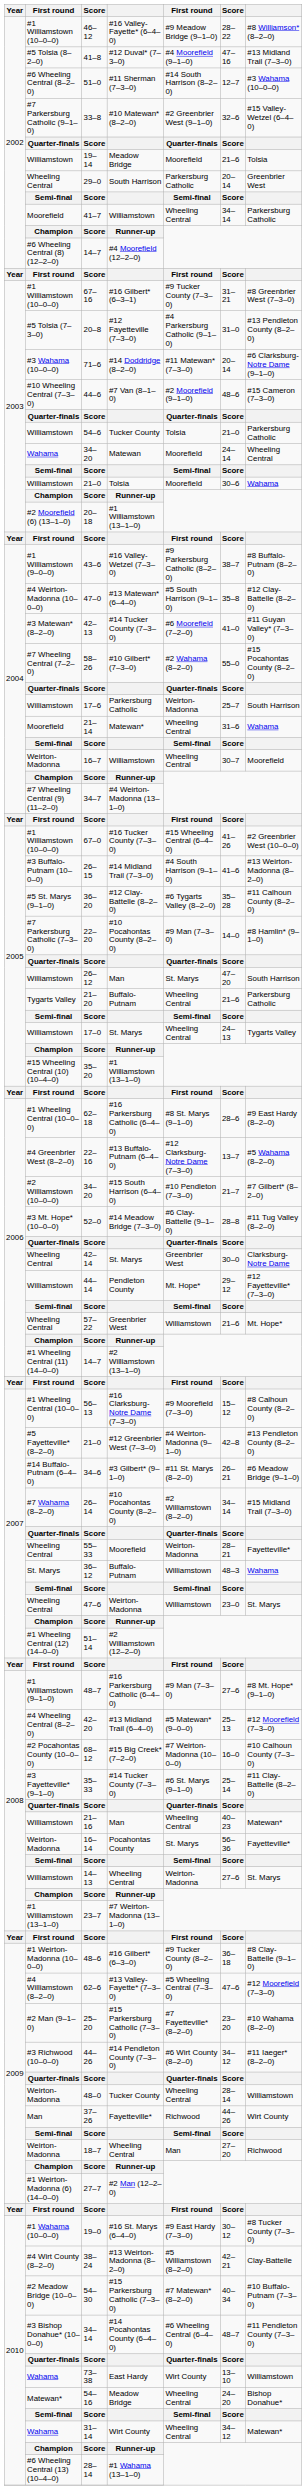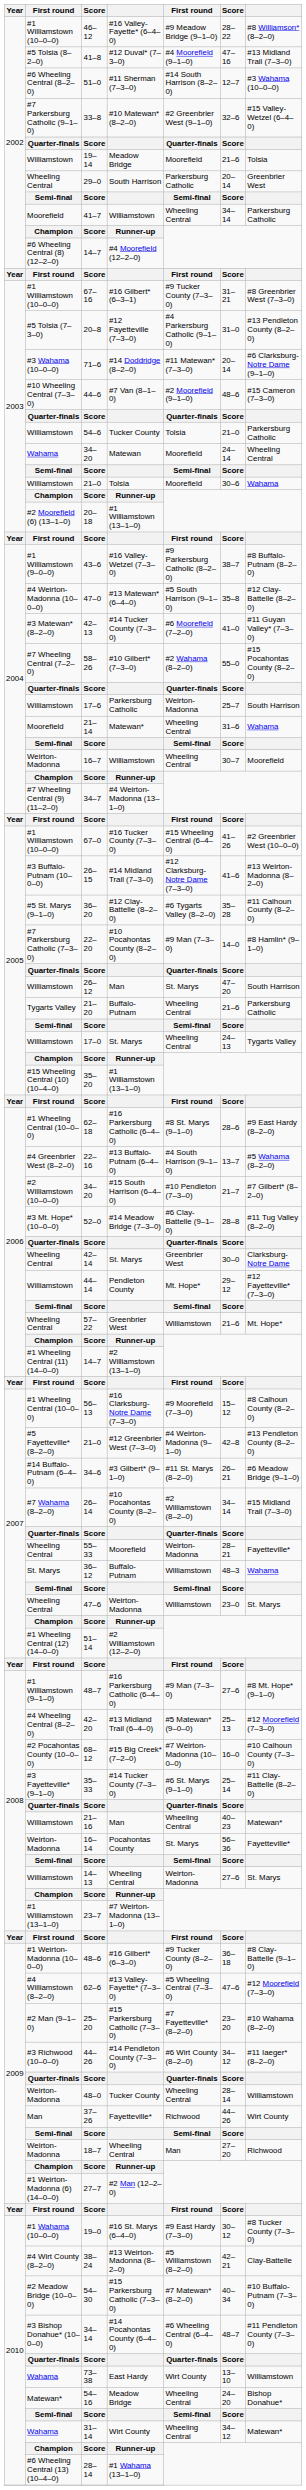 <table class="wikitable">
 <tr>
 <th>Year</th>
 <th>First round</th>
 <th>Score</th>
 <th></th>
 <th>First round</th>
 <th>Score</th>
 <th></th>
 </tr>
 <tr>
 <td rowspan="11" style="text-align: center;">2002</td>
 <td>#1 Williamstown (10–0–0)</td>
 <td>46–12</td>
 <td>#16 Valley-Fayette* (6–4–0)</td>
 <td>#9 Meadow Bridge (9–1–0)</td>
 <td>28–22</td>
 <td>#8 <a href='#'>Williamson*</a> (8–2–0)</td>
 </tr>
 <tr>
 <td>#5 Tolsia (8–2–0)</td>
 <td>41–8</td>
 <td>#12 Duval* (7–3–0)</td>
 <td>#4 <a href='#'>Moorefield</a> (9–1–0)</td>
 <td>47–16</td>
 <td>#13 Midland Trail (7–3–0)</td>
 </tr>
 <tr>
 <td>#6 Wheeling Central (8–2–0)</td>
 <td>51–0</td>
 <td>#11 Sherman (7–3–0)</td>
 <td>#14 South Harrison (8–2–0)</td>
 <td>12–7</td>
 <td>#3 <a href='#'>Wahama</a> (10–0–0)</td>
 </tr>
 <tr>
 <td>#7 Parkersburg Catholic (9–1–0)</td>
 <td>33–8</td>
 <td>#10 Matewan* (8–2–0)</td>
 <td>#2 Greenbrier West (9–1–0)</td>
 <td>32–6</td>
 <td>#15 Valley-Wetzel (6–4–0)</td>
 </tr>
 <tr>
 <th>Quarter-finals</th>
 <th>Score</th>
 <th></th>
 <th>Quarter-finals</th>
 <th>Score</th>
 <th></th>
 </tr>
 <tr>
 <td>Williamstown</td>
 <td>19–14</td>
 <td>Meadow Bridge</td>
 <td>Moorefield</td>
 <td>21–6</td>
 <td>Tolsia</td>
 </tr>
 <tr>
 <td>Wheeling Central</td>
 <td>29–0</td>
 <td>South Harrison</td>
 <td>Parkersburg Catholic</td>
 <td>20–14</td>
 <td>Greenbrier West</td>
 </tr>
 <tr>
 <th>Semi-final</th>
 <th>Score</th>
 <th></th>
 <th>Semi-final</th>
 <th>Score</th>
 <th></th>
 </tr>
 <tr>
 <td>Moorefield</td>
 <td>41–7</td>
 <td>Williamstown</td>
 <td>Wheeling Central</td>
 <td>34–14</td>
 <td>Parkersburg Catholic</td>
 </tr>
 <tr>
 <th>Champion</th>
 <th>Score</th>
 <th>Runner-up</th>
 </tr>
 <tr>
 <td>#6 Wheeling Central (8) (12–2–0)     </td>
 <td>14–7 </td>
 <td>#4 <a href='#'>Moorefield</a> (12–2–0)</td>
 </tr>
 <tr>
 <th>Year</th>
 <th>First round</th>
 <th>Score</th>
 <th></th>
 <th>First round</th>
 <th>Score</th>
 <th></th>
 </tr>
 <tr>
 <td rowspan="11" style="text-align: center;">2003</td>
 <td>#1 Williamstown (10–0–0)</td>
 <td>67–16</td>
 <td>#16 Gilbert* (6–3–1)</td>
 <td>#9 Tucker County (7–3–0)</td>
 <td>31–21</td>
 <td>#8 Greenbrier West (7–3–0)</td>
 </tr>
 <tr>
 <td>#5 Tolsia (7–3–0)</td>
 <td>20–8</td>
 <td>#12 Fayetteville (7–3–0)</td>
 <td>#4 Parkersburg Catholic (9–1–0)</td>
 <td>31–0</td>
 <td>#13 Pendleton County (8–2–0)</td>
 </tr>
 <tr>
 <td>#3 <a href='#'>Wahama</a> (10–0–0)</td>
 <td>71–6</td>
 <td>#14 <a href='#'>Doddridge</a> (8–2–0)</td>
 <td>#11 Matewan* (7–3–0)</td>
 <td>20–14</td>
 <td>#6 Clarksburg-<a href='#'>Notre Dame</a> (9–1–0)</td>
 </tr>
 <tr>
 <td>#10 Wheeling Central (7–3–0)</td>
 <td>44–6</td>
 <td>#7 Van (8–1–0)</td>
 <td>#2 <a href='#'>Moorefield</a> (9–1–0)</td>
 <td>48–6</td>
 <td>#15 Cameron (7–3–0)</td>
 </tr>
 <tr>
 <th>Quarter-finals</th>
 <th>Score</th>
 <th></th>
 <th>Quarter-finals</th>
 <th>Score</th>
 <th></th>
 </tr>
 <tr>
 <td>Williamstown</td>
 <td>54–6</td>
 <td>Tucker County</td>
 <td>Tolsia</td>
 <td>21–0</td>
 <td>Parkersburg Catholic</td>
 </tr>
 <tr>
 <td><a href='#'>Wahama</a></td>
 <td>34–20</td>
 <td>Matewan</td>
 <td>Moorefield</td>
 <td>24–14</td>
 <td>Wheeling Central</td>
 </tr>
 <tr>
 <th>Semi-final</th>
 <th>Score</th>
 <th></th>
 <th>Semi-final</th>
 <th>Score</th>
 <th></th>
 </tr>
 <tr>
 <td>Williamstown</td>
 <td>21–0</td>
 <td>Tolsia</td>
 <td>Moorefield</td>
 <td>30–6</td>
 <td><a href='#'>Wahama</a></td>
 </tr>
 <tr>
 <th>Champion</th>
 <th>Score</th>
 <th>Runner-up</th>
 </tr>
 <tr>
 <td>#2 <a href='#'>Moorefield</a> (6) (13–1–0)</td>
 <td>20–18</td>
 <td>#1 Williamstown (13–1–0)</td>
 </tr>
 <tr>
 <th>Year</th>
 <th>First round</th>
 <th>Score</th>
 <th></th>
 <th>First round</th>
 <th>Score</th>
 <th></th>
 </tr>
 <tr>
 <td rowspan="11" style="text-align: center;">2004</td>
 <td>#1 Williamstown (9–0–0)</td>
 <td>43–6</td>
 <td>#16 Valley-Wetzel (7–3–0)</td>
 <td>#9 Parkersburg Catholic (8–2–0)</td>
 <td>38–7</td>
 <td>#8 Buffalo-Putnam (8–2–0)</td>
 </tr>
 <tr>
 <td>#4 Weirton-Madonna (10–0–0)</td>
 <td>47–0</td>
 <td>#13 Matewan* (6–4–0)</td>
 <td>#5 South Harrison (9–1–0)</td>
 <td>35–8</td>
 <td>#12 Clay-Battelle (8–2–0)</td>
 </tr>
 <tr>
 <td>#3 Matewan* (8–2–0)</td>
 <td>42–13</td>
 <td>#14 Tucker County (7–3–0)</td>
 <td>#6 <a href='#'>Moorefield</a> (7–2–0)</td>
 <td>41–0</td>
 <td>#11 Guyan Valley* (7–3–0)</td>
 </tr>
 <tr>
 <td>#7 Wheeling Central (7–2–0)</td>
 <td>58–26</td>
 <td>#10 Gilbert* (7–3–0)</td>
 <td>#2 <a href='#'>Wahama</a> (8–2–0)</td>
 <td>55–0</td>
 <td>#15 Pocahontas County (8–2–0)</td>
 </tr>
 <tr>
 <th>Quarter-finals</th>
 <th>Score</th>
 <th></th>
 <th>Quarter-finals</th>
 <th>Score</th>
 <th></th>
 </tr>
 <tr>
 <td>Williamstown</td>
 <td>17–6</td>
 <td>Parkersburg Catholic</td>
 <td>Weirton-Madonna</td>
 <td>25–7</td>
 <td>South Harrison</td>
 </tr>
 <tr>
 <td>Moorefield</td>
 <td>21–14</td>
 <td>Matewan*</td>
 <td>Wheeling Central</td>
 <td>31–6</td>
 <td><a href='#'>Wahama</a></td>
 </tr>
 <tr>
 <th>Semi-final</th>
 <th>Score</th>
 <th></th>
 <th>Semi-final</th>
 <th>Score</th>
 <th></th>
 </tr>
 <tr>
 <td>Weirton-Madonna</td>
 <td>16–7</td>
 <td>Williamstown</td>
 <td>Wheeling Central</td>
 <td>30–7</td>
 <td>Moorefield</td>
 </tr>
 <tr>
 <th>Champion</th>
 <th>Score</th>
 <th>Runner-up</th>
 </tr>
 <tr>
 <td>#7 Wheeling Central (9) (11–2–0)</td>
 <td>34–7</td>
 <td>#4 Weirton-Madonna (13–1–0)</td>
 </tr>
 <tr>
 <th>Year</th>
 <th>First round</th>
 <th>Score</th>
 <th></th>
 <th>First round</th>
 <th>Score</th>
 <th></th>
 </tr>
 <tr>
 <td rowspan="11" style="text-align: center;">2005</td>
 <td>#1 Williamstown (10–0–0)</td>
 <td>67–0</td>
 <td>#16 Tucker County (7–3–0)</td>
 <td>#15 Wheeling Central (6–4–0)</td>
 <td>41–26</td>
 <td>#2 Greenbrier West (10–0–0)</td>
 </tr>
 <tr>
 <td>#3 Buffalo-Putnam (10–0–0)</td>
 <td>26–15</td>
 <td>#14 Midland Trail (7–3–0)</td>
-<td>#4 South Harrison (9–1–0)</td>
+<td>#12 Clarksburg-<a href='#'>Notre Dame</a> (7–3–0)</td>
 <td>41–6</td>
 <td>#13 Weirton-Madonna (8–2–0)</td>
 </tr>
 <tr>
 <td>#5 St. Marys (9–1–0)</td>
 <td>36–20</td>
 <td>#12 Clay-Battelle (8–2–0)</td>
 <td>#6 Tygarts Valley (8–2–0)</td>
 <td>35–28</td>
 <td>#11 Calhoun County (8–2–0)</td>
 </tr>
 <tr>
 <td>#7 Parkersburg Catholic (7–3–0)</td>
 <td>22–20</td>
 <td>#10 Pocahontas County (8–2–0)</td>
 <td>#9 Man (7–3–0)</td>
 <td>14–0</td>
 <td>#8 Hamlin* (9–1–0)</td>
 </tr>
 <tr>
 <th>Quarter-finals</th>
 <th>Score</th>
 <th></th>
 <th>Quarter-finals</th>
 <th>Score</th>
 <th></th>
 </tr>
 <tr>
 <td>Williamstown</td>
 <td>26–12</td>
 <td>Man</td>
 <td>St. Marys</td>
 <td>47–20</td>
 <td>South Harrison</td>
 </tr>
 <tr>
 <td>Tygarts Valley</td>
 <td>21–20</td>
 <td>Buffalo-Putnam</td>
 <td>Wheeling Central</td>
 <td>21–6</td>
 <td>Parkersburg Catholic</td>
 </tr>
 <tr>
 <th>Semi-final</th>
 <th>Score</th>
 <th></th>
 <th>Semi-final</th>
 <th>Score</th>
 <th></th>
 </tr>
 <tr>
 <td>Williamstown</td>
 <td>17–0</td>
 <td>St. Marys</td>
 <td>Wheeling Central</td>
 <td>24–13</td>
 <td>Tygarts Valley</td>
 </tr>
 <tr>
 <th>Champion</th>
 <th>Score</th>
 <th>Runner-up</th>
 </tr>
 <tr>
 <td>#15 Wheeling Central (10) (10–4–0)</td>
 <td>35–20</td>
 <td>#1 Williamstown (13–1–0)</td>
 </tr>
 <tr>
 <th>Year</th>
 <th>First round</th>
 <th>Score</th>
 <th></th>
 <th>First round</th>
 <th>Score</th>
 <th></th>
 </tr>
 <tr>
 <td rowspan="11" style="text-align: center;">2006</td>
 <td>#1 Wheeling Central (10–0–0)</td>
 <td>62–18</td>
 <td>#16 Parkersburg Catholic (6–4–0)</td>
 <td>#8 St. Marys (9–1–0)</td>
 <td>28–6</td>
 <td>#9 East Hardy (8–2–0)</td>
 </tr>
 <tr>
 <td>#4 Greenbrier West (8–2–0)</td>
 <td>22–16</td>
 <td>#13 Buffalo-Putnam (6–4–0)</td>
-<td>#12 Clarksburg-<a href='#'>Notre Dame</a> (7–3–0)</td>
+<td>#4 South Harrison (9–1–0)</td>
 <td>13–7</td>
 <td>#5 <a href='#'>Wahama</a> (8–2–0)</td>
 </tr>
 <tr>
 <td>#2 Williamstown (10–0–0)</td>
 <td>34–20</td>
 <td>#15 South Harrison (6–4–0)</td>
 <td>#10 Pendleton (7–3–0)</td>
 <td>21–7</td>
 <td>#7 Gilbert* (8–2–0)</td>
 </tr>
 <tr>
 <td>#3 Mt. Hope* (10–0–0)</td>
 <td>52–0</td>
 <td>#14 Meadow Bridge (7–3–0)</td>
 <td>#6 Clay-Battelle (9–1–0)</td>
 <td>28–8</td>
 <td>#11 Tug Valley (8–2–0)</td>
 </tr>
 <tr>
 <th>Quarter-finals</th>
 <th>Score</th>
 <th></th>
 <th>Quarter-finals</th>
 <th>Score</th>
 <th></th>
 </tr>
 <tr>
 <td>Wheeling Central</td>
 <td>42–14</td>
 <td>St. Marys</td>
 <td>Greenbrier West</td>
 <td>30–0</td>
 <td>Clarksburg-<a href='#'>Notre Dame</a></td>
 </tr>
 <tr>
 <td>Williamstown</td>
 <td>44–14</td>
 <td>Pendleton County</td>
 <td>Mt. Hope*</td>
 <td>29–12</td>
 <td>#12 Fayetteville* (7–3–0)</td>
 </tr>
 <tr>
 <th>Semi-final</th>
 <th>Score</th>
 <th></th>
 <th>Semi-final</th>
 <th>Score</th>
 <th></th>
 </tr>
 <tr>
 <td>Wheeling Central</td>
 <td>57–22</td>
 <td>Greenbrier West</td>
 <td>Williamstown</td>
 <td>21–6</td>
 <td>Mt. Hope*</td>
 </tr>
 <tr>
 <th>Champion</th>
 <th>Score</th>
 <th>Runner-up</th>
 </tr>
 <tr>
 <td>#1 Wheeling Central (11) (14–0–0)</td>
 <td>14–7</td>
 <td>#2 Williamstown (13–1–0)</td>
 </tr>
 <tr>
 <th>Year</th>
 <th>First round</th>
 <th>Score</th>
 <th></th>
 <th>First round</th>
 <th>Score</th>
 <th></th>
 </tr>
 <tr>
 <td rowspan="11" style="text-align: center;">2007</td>
 <td>#1 Wheeling Central (10–0–0)</td>
 <td>56–13</td>
 <td>#16 Clarksburg-<a href='#'>Notre Dame</a> (7–3–0)</td>
 <td>#9 Moorefield (7–3–0)</td>
 <td>15–12</td>
 <td>#8 Calhoun County (8–2–0)</td>
 </tr>
 <tr>
 <td>#5 Fayetteville* (8–2–0)</td>
 <td>21–0</td>
 <td>#12 Greenbrier West (7–3–0)</td>
 <td>#4 Weirton-Madonna (9–1–0)</td>
 <td>42–8</td>
 <td>#13 Pendleton County (8–2–0)</td>
 </tr>
 <tr>
 <td>#14 Buffalo-Putnam (6–4–0)</td>
 <td>34–6</td>
 <td>#3 Gilbert* (9–1–0)</td>
 <td>#11 St. Marys (8–2–0)</td>
 <td>26–21</td>
 <td>#6 Meadow Bridge (9–1–0)</td>
 </tr>
 <tr>
 <td>#7 <a href='#'>Wahama</a> (8–2–0)</td>
 <td>26–14</td>
 <td>#10 Pocahontas County (8–2–0)</td>
 <td>#2 Williamstown (8–2–0)</td>
 <td>34–14</td>
 <td>#15 Midland Trail (7–3–0)</td>
 </tr>
 <tr>
 <th>Quarter-finals</th>
 <th>Score</th>
 <th></th>
 <th>Quarter-finals</th>
 <th>Score</th>
 <th></th>
 </tr>
 <tr>
 <td>Wheeling Central</td>
 <td>55–33</td>
 <td>Moorefield</td>
 <td>Weirton-Madonna</td>
 <td>28–21</td>
 <td>Fayetteville*</td>
 </tr>
 <tr>
 <td>St. Marys</td>
 <td>36–12</td>
 <td>Buffalo-Putnam</td>
 <td>Williamstown</td>
 <td>48–3</td>
 <td><a href='#'>Wahama</a></td>
 </tr>
 <tr>
 <th>Semi-final</th>
 <th>Score</th>
 <th></th>
 <th>Semi-final</th>
 <th>Score</th>
 <th></th>
 </tr>
 <tr>
 <td>Wheeling Central</td>
 <td>47–6</td>
 <td>Weirton-Madonna</td>
 <td>Williamstown</td>
 <td>23–0</td>
 <td>St. Marys</td>
 </tr>
 <tr>
 <th>Champion</th>
 <th>Score</th>
 <th>Runner-up</th>
 </tr>
 <tr>
 <td>#1 Wheeling Central (12) (14–0–0)</td>
 <td>51–14</td>
 <td>#2 Williamstown (12–2–0)</td>
 </tr>
 <tr>
 <th>Year</th>
 <th>First round</th>
 <th>Score</th>
 <th></th>
 <th>First round</th>
 <th>Score</th>
 <th></th>
 </tr>
 <tr>
 <td rowspan="11" style="text-align: center;">2008</td>
 <td>#1 Williamstown (9–1–0)</td>
 <td>48–7</td>
 <td>#16 Parkersburg Catholic (6–4–0)</td>
 <td>#9 Man (7–3–0)</td>
 <td>27–6</td>
 <td>#8 Mt. Hope* (9–1–0)</td>
 </tr>
 <tr>
 <td>#4 Wheeling Central (8–2–0)</td>
 <td>42–20</td>
 <td>#13 Midland Trail (6–4–0)</td>
 <td>#5 Matewan* (9–0–0)</td>
 <td>25–13</td>
 <td>#12 <a href='#'>Moorefield</a> (7–3–0)</td>
 </tr>
 <tr>
 <td>#2 Pocahontas County (10–0–0)</td>
 <td>68–12</td>
 <td>#15 Big Creek* (7–2–0)</td>
 <td>#7 Weirton-Madonna (10–0–0)</td>
 <td>16–0</td>
 <td>#10 Calhoun County (7–3–0)</td>
 </tr>
 <tr>
 <td>#3 Fayetteville* (9–1–0)</td>
 <td>35–33</td>
 <td>#14 Tucker County (7–3–0)</td>
 <td>#6 St. Marys (9–1–0)</td>
 <td>25–14</td>
 <td>#11 Clay-Battelle (8–2–0)</td>
 </tr>
 <tr>
 <th>Quarter-finals</th>
 <th>Score</th>
 <th></th>
 <th>Quarter-finals</th>
 <th>Score</th>
 <th></th>
 </tr>
 <tr>
 <td>Williamstown</td>
 <td>21–16</td>
 <td>Man</td>
 <td>Wheeling Central</td>
 <td>40–23</td>
 <td>Matewan*</td>
 </tr>
 <tr>
 <td>Weirton-Madonna</td>
 <td>16–14</td>
 <td>Pocahontas County</td>
 <td>St. Marys</td>
 <td>56–36</td>
 <td>Fayetteville*</td>
 </tr>
 <tr>
 <th>Semi-final</th>
 <th>Score</th>
 <th></th>
 <th>Semi-final</th>
 <th>Score</th>
 <th></th>
 </tr>
 <tr>
 <td>Williamstown</td>
 <td>14–13</td>
 <td>Wheeling Central</td>
 <td>Weirton-Madonna</td>
 <td>27–6</td>
 <td>St. Marys</td>
 </tr>
 <tr>
 <th>Champion</th>
 <th>Score</th>
 <th>Runner-up</th>
 </tr>
 <tr>
 <td>#1 Williamstown (13–1–0)</td>
 <td>23–7</td>
 <td>#7 Weirton-Madonna (13–1–0)</td>
 </tr>
 <tr>
 <th>Year</th>
 <th>First round</th>
 <th>Score</th>
 <th></th>
 <th>First round</th>
 <th>Score</th>
 <th></th>
 </tr>
 <tr>
 <td rowspan="11" style="text-align: center;">2009</td>
 <td>#1 Weirton-Madonna (10–0–0)</td>
 <td>48–6</td>
 <td>#16 Gilbert* (6–3–0)</td>
 <td>#9 Tucker County (8–2–0)</td>
 <td>36–18</td>
 <td>#8 Clay-Battelle (9–1–0)</td>
 </tr>
 <tr>
 <td>#4 Williamstown (8–2–0)</td>
 <td>62–6</td>
 <td>#13 Valley-Fayette* (7–3–0)</td>
 <td>#5 Wheeling Central (7–3–0)</td>
 <td>47–6</td>
 <td>#12 <a href='#'>Moorefield</a> (7–3–0)</td>
 </tr>
 <tr>
 <td>#2 Man (9–1–0)</td>
 <td>25–20</td>
 <td>#15 Parkersburg Catholic (7–3–0)</td>
 <td>#7 Fayetteville* (8–2–0)</td>
 <td>23–20</td>
 <td>#10 Wahama (8–2–0)</td>
 </tr>
 <tr>
 <td>#3 Richwood (10–0–0)</td>
 <td>44–26</td>
 <td>#14 Pendleton County (7–3–0)</td>
 <td>#6 Wirt County (8–2–0)</td>
 <td>34–12</td>
 <td>#11 Iaeger* (8–2–0)</td>
 </tr>
 <tr>
 <th>Quarter-finals</th>
 <th>Score</th>
 <th></th>
 <th>Quarter-finals</th>
 <th>Score</th>
 <th></th>
 </tr>
 <tr>
 <td>Weirton-Madonna</td>
 <td>48–0</td>
 <td>Tucker County</td>
 <td>Wheeling Central</td>
 <td>28–14</td>
 <td>Williamstown</td>
 </tr>
 <tr>
 <td>Man</td>
 <td>37–26</td>
 <td>Fayetteville*</td>
 <td>Richwood</td>
 <td>44–26</td>
 <td>Wirt County</td>
 </tr>
 <tr>
 <th>Semi-final</th>
 <th>Score</th>
 <th></th>
 <th>Semi-final</th>
 <th>Score</th>
 <th></th>
 </tr>
 <tr>
 <td>Weirton-Madonna</td>
 <td>18–7</td>
 <td>Wheeling Central</td>
 <td>Man</td>
 <td>27–20</td>
 <td>Richwood</td>
 </tr>
 <tr>
 <th>Champion</th>
 <th>Score</th>
 <th>Runner-up</th>
 </tr>
 <tr>
 <td>#1 Weirton-Madonna (6) (14–0–0)</td>
 <td>27–7</td>
 <td>#2 <a href='#'>Man</a> (12–2–0)</td>
 </tr>
 <tr>
 <th>Year</th>
 <th>First round</th>
 <th>Score</th>
 <th></th>
 <th>First round</th>
 <th>Score</th>
 <th></th>
 </tr>
 <tr>
 <td rowspan="11" style="text-align: center;">2010</td>
 <td>#1 <a href='#'>Wahama</a> (10–0–0)</td>
 <td>19–0</td>
 <td>#16 St. Marys (6–4–0)</td>
 <td>#9 East Hardy (7–3–0)</td>
 <td>30–12</td>
 <td>#8 Tucker County (7–3–0)</td>
 </tr>
 <tr>
 <td>#4 Wirt County (8–2–0)</td>
 <td>38–24</td>
 <td>#13 Weirton-Madonna (8–2–0)</td>
 <td>#5 Williamstown (8–2–0)</td>
 <td>42–21</td>
 <td>Clay-Battelle</td>
 </tr>
 <tr>
 <td>#2 Meadow Bridge (10–0–0)</td>
 <td>54–30</td>
 <td>#15 Parkersburg Catholic (7–3–0)</td>
 <td>#7 Matewan* (8–2–0)</td>
 <td>40–34</td>
 <td>#10 Buffalo-Putnam (7–3–0)</td>
 </tr>
 <tr>
 <td>#3 Bishop Donahue* (10–0–0)</td>
 <td>34–14</td>
 <td>#14 Pocahontas County (6–4–0)</td>
 <td>#6 Wheeling Central (6–4–0)</td>
 <td>48–7</td>
 <td>#11 Pendleton County (7–3–0)</td>
 </tr>
 <tr>
 <th>Quarter-finals</th>
 <th>Score</th>
 <th></th>
 <th>Quarter-finals</th>
 <th>Score</th>
 <th></th>
 </tr>
 <tr>
 <td><a href='#'>Wahama</a></td>
 <td>73–38</td>
 <td>East Hardy</td>
 <td>Wirt County</td>
 <td>13–10</td>
 <td>Williamstown</td>
 </tr>
 <tr>
 <td>Matewan*</td>
 <td>54–16</td>
 <td>Meadow Bridge</td>
 <td>Wheeling Central</td>
 <td>24–20</td>
 <td>Bishop Donahue*</td>
 </tr>
 <tr>
 <th>Semi-final</th>
 <th>Score</th>
 <th></th>
 <th>Semi-final</th>
 <th>Score</th>
 <th></th>
 </tr>
 <tr>
 <td><a href='#'>Wahama</a></td>
 <td>31–14</td>
 <td>Wirt County</td>
 <td>Wheeling Central</td>
 <td>34–12</td>
 <td>Matewan*</td>
 </tr>
 <tr>
 <th>Champion</th>
 <th>Score</th>
 <th>Runner-up</th>
 </tr>
 <tr>
 <td>#6 Wheeling Central (13) (10–4–0)</td>
 <td>28–14</td>
 <td>#1 <a href='#'>Wahama</a> (13–1–0)</td>
 </tr>
 <tr>
 </tr>
 </table>
